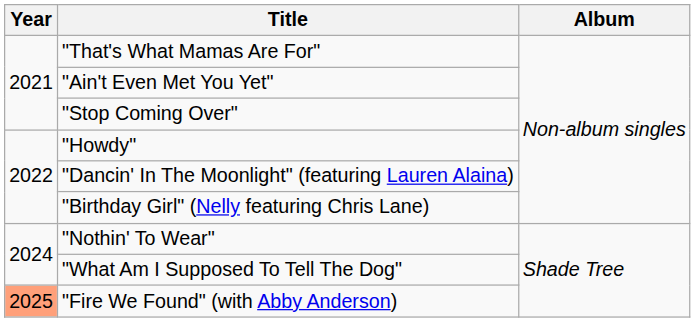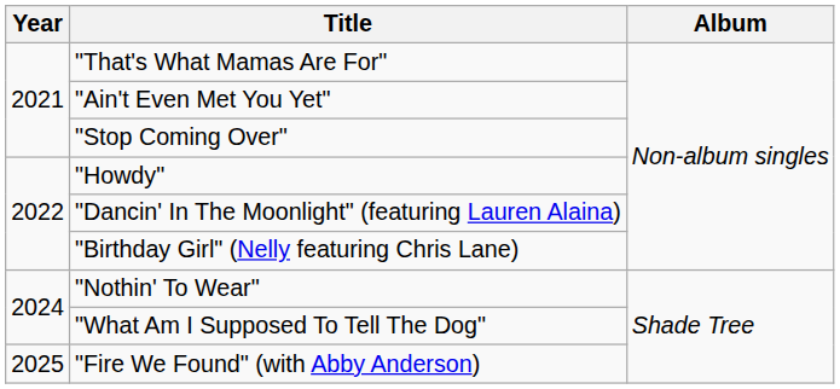 <table class="wikitable">
 <tr>
 <th>Year</th>
 <th>Title</th>
 <th>Album</th>
 </tr>
 <tr>
 <td rowspan="3">2021</td>
 <td>"That's What Mamas Are For"</td>
 <td rowspan="6"><em>Non-album singles</em></td>
 </tr>
 <tr>
 <td>"Ain't Even Met You Yet"</td>
 </tr>
 <tr>
 <td>"Stop Coming Over"</td>
 </tr>
 <tr>
 <td rowspan="3">2022</td>
 <td>"Howdy"</td>
 </tr>
 <tr>
 <td>"Dancin' In The Moonlight" (featuring <a href='#'>Lauren Alaina</a>)</td>
 </tr>
 <tr>
 <td>"Birthday Girl" (<a href='#'>Nelly</a> featuring Chris Lane)</td>
 </tr>
 <tr>
 <td rowspan="2">2024</td>
 <td>"Nothin' To Wear"</td>
 <td rowspan="3"><em>Shade Tree</em></td>
 </tr>
 <tr>
 <td>"What Am I Supposed To Tell The Dog"</td>
 </tr>
 <tr>
-<td style="background: lightsalmon;">2025</td>
+<td>2025</td>
 <td>"Fire We Found" (with <a href='#'>Abby Anderson</a>)</td>
 </tr>
 </table>
